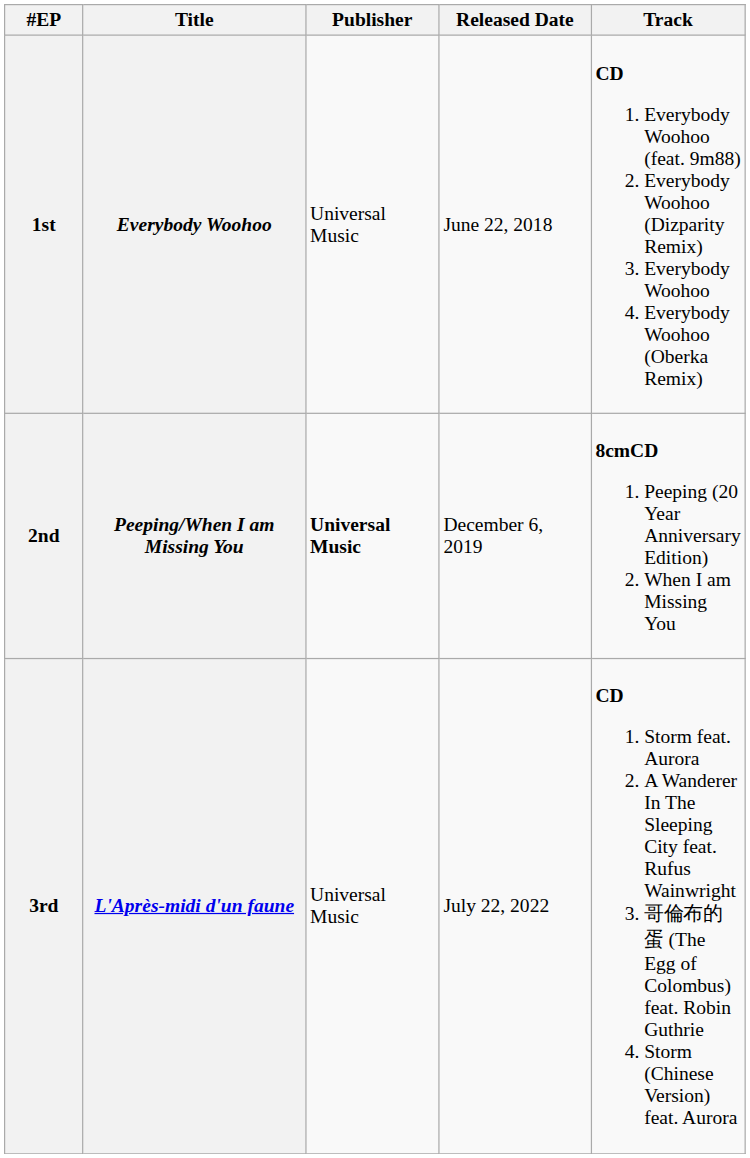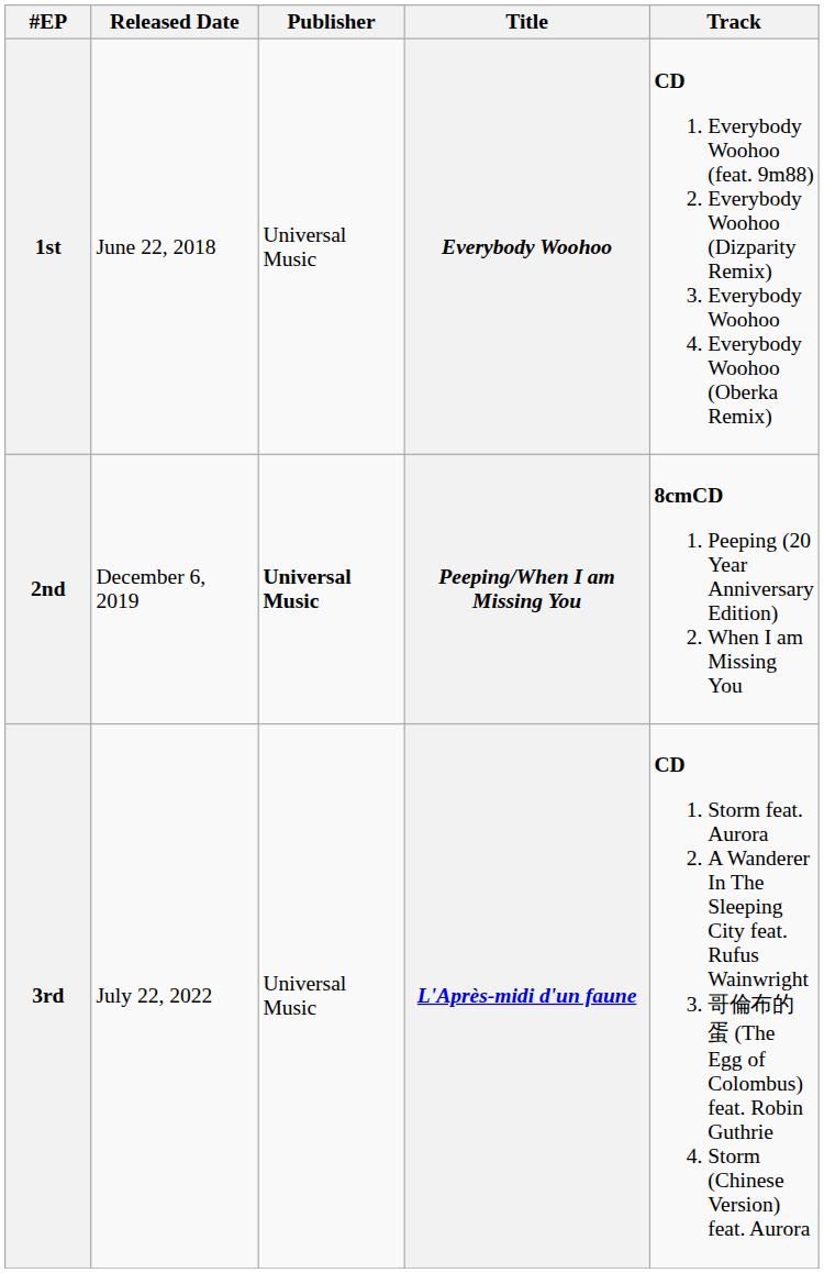 <table class="wikitable">
 <tr>
 <th align="left" width="75px">#EP</th>
+<th align="left" width="150px">Released Date</th>
+<th align="left" width="125px">Publisher</th>
 <th align="left" width="225px">Title</th>
-<th align="left" width="125px">Publisher</th>
-<th align="left" width="150px">Released Date</th>
 <th>Track</th>
 </tr>
 <tr>
 <th>1st</th>
+<td>June 22, 2018</td>
+<td>Universal Music</td>
 <th><em>Everybody Woohoo</em></th>
-<td>Universal Music</td>
-<td>June 22, 2018</td>
 <td><br><strong>CD</strong><ol><li>Everybody Woohoo (feat. 9m88)</li><li>Everybody Woohoo (Dizparity Remix)</li><li>Everybody Woohoo</li><li>Everybody Woohoo (Oberka Remix)</li></ol></td>
 </tr>
 <tr>
 <th>2nd</th>
+<td>December 6, 2019</td>
+<td><strong>Universal Music</strong></td>
 <th><em>Peeping/When I am Missing You</em></th>
-<td><strong>Universal Music</strong></td>
-<td>December 6, 2019</td>
 <td><br><strong>8cmCD</strong><ol><li>Peeping (20 Year Anniversary Edition)</li><li>When I am Missing You</li></ol></td>
 </tr>
 <tr>
 <th>3rd</th>
+<td>July 22, 2022</td>
+<td>Universal Music</td>
 <th><em><a href='#'>L'Après-midi d'un faune</a></em></th>
-<td>Universal Music</td>
-<td>July 22, 2022</td>
 <td><br><strong>CD</strong><ol><li>Storm feat. Aurora</li><li>A Wanderer In The Sleeping City feat. Rufus Wainwright</li><li>哥倫布的蛋 (The Egg of Colombus) feat. Robin Guthrie</li><li>Storm (Chinese Version) feat. Aurora</li></ol></td>
 </tr>
 </table>
